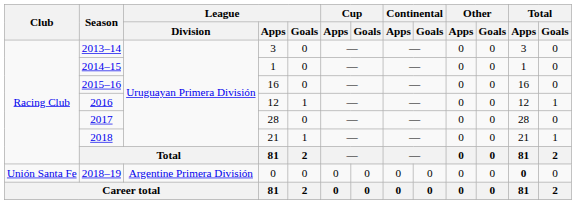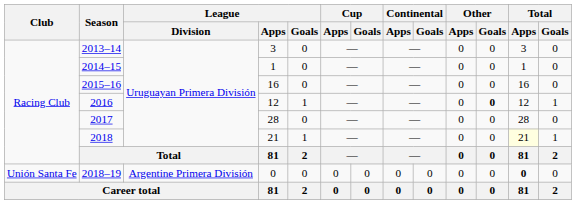 <table class="wikitable" style="text-align:center">
 <tr>
 <th rowspan="2">Club</th>
 <th rowspan="2">Season</th>
 <th colspan="3">League</th>
 <th colspan="2">Cup</th>
 <th colspan="2">Continental</th>
 <th colspan="2">Other</th>
 <th colspan="2">Total</th>
 </tr>
 <tr>
 <th>Division</th>
 <th>Apps</th>
 <th>Goals</th>
 <th>Apps</th>
 <th>Goals</th>
 <th>Apps</th>
 <th>Goals</th>
 <th>Apps</th>
 <th>Goals</th>
 <th>Apps</th>
 <th>Goals</th>
 </tr>
 <tr>
 <td rowspan="7"><a href='#'>Racing Club</a></td>
 <td><a href='#'>2013–14</a></td>
 <td rowspan="6"><a href='#'>Uruguayan Primera División</a></td>
 <td>3</td>
 <td>0</td>
 <td colspan="2">—</td>
 <td colspan="2">—</td>
 <td>0</td>
 <td>0</td>
 <td>3</td>
 <td>0</td>
 </tr>
 <tr>
 <td><a href='#'>2014–15</a></td>
 <td>1</td>
 <td>0</td>
 <td colspan="2">—</td>
 <td colspan="2">—</td>
 <td>0</td>
 <td>0</td>
 <td>1</td>
 <td>0</td>
 </tr>
 <tr>
 <td><a href='#'>2015–16</a></td>
 <td>16</td>
 <td>0</td>
 <td colspan="2">—</td>
 <td colspan="2">—</td>
 <td>0</td>
 <td>0</td>
 <td>16</td>
 <td>0</td>
 </tr>
 <tr>
 <td><a href='#'>2016</a></td>
 <td>12</td>
 <td>1</td>
 <td colspan="2">—</td>
 <td colspan="2">—</td>
 <td>0</td>
-<td>0</td>
+<td><strong>0</strong></td>
 <td>12</td>
 <td>1</td>
 </tr>
 <tr>
 <td><a href='#'>2017</a></td>
 <td>28</td>
 <td>0</td>
 <td colspan="2">—</td>
 <td colspan="2">—</td>
 <td>0</td>
 <td>0</td>
 <td>28</td>
 <td>0</td>
 </tr>
 <tr>
 <td><a href='#'>2018</a></td>
 <td>21</td>
 <td>1</td>
 <td colspan="2">—</td>
 <td colspan="2">—</td>
 <td>0</td>
 <td>0</td>
-<td>21</td>
+<td style="background: lightyellow;">21</td>
 <td>1</td>
 </tr>
 <tr>
 <th colspan="2">Total</th>
 <th>81</th>
 <th>2</th>
 <th colspan="2">—</th>
 <th colspan="2">—</th>
 <th>0</th>
 <th>0</th>
 <th>81</th>
 <th>2</th>
 </tr>
 <tr>
 <td rowspan="1"><a href='#'>Unión Santa Fe</a></td>
 <td><a href='#'>2018–19</a></td>
 <td rowspan="1"><a href='#'>Argentine Primera División</a></td>
 <td>0</td>
 <td>0</td>
 <td>0</td>
 <td>0</td>
 <td>0</td>
 <td>0</td>
 <td>0</td>
 <td>0</td>
 <td><strong>0</strong></td>
 <td>0</td>
 </tr>
 <tr>
 <th colspan="3">Career total</th>
 <th>81</th>
 <th>2</th>
 <th>0</th>
 <th>0</th>
 <th>0</th>
 <th>0</th>
 <th>0</th>
 <th>0</th>
 <th>81</th>
 <th>2</th>
 </tr>
 </table>
